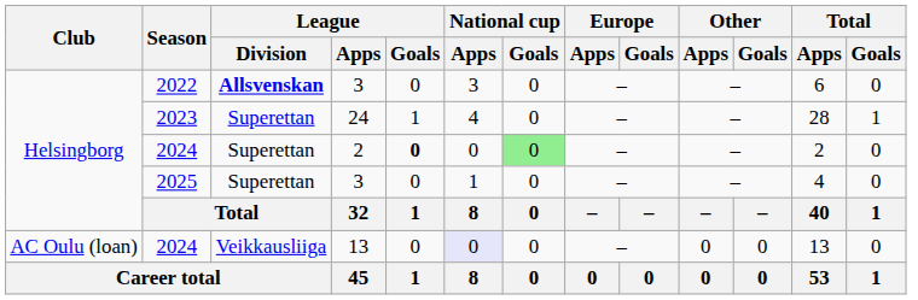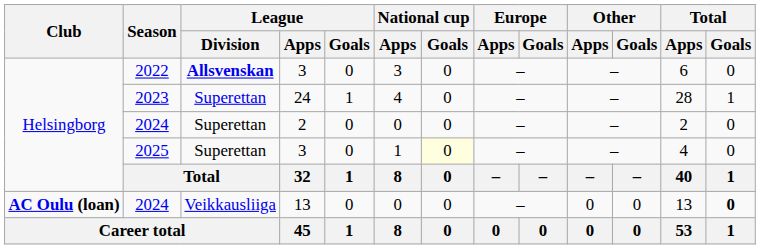 <table class="wikitable" style="text-align:center">
 <tr>
 <th rowspan="2">Club</th>
 <th rowspan="2">Season</th>
 <th colspan="3">League</th>
 <th colspan="2">National cup</th>
 <th colspan="2">Europe</th>
 <th colspan="2">Other</th>
 <th colspan="2">Total</th>
 </tr>
 <tr>
 <th>Division</th>
 <th>Apps</th>
 <th>Goals</th>
 <th>Apps</th>
 <th>Goals</th>
 <th>Apps</th>
 <th>Goals</th>
 <th>Apps</th>
 <th>Goals</th>
 <th>Apps</th>
 <th>Goals</th>
 </tr>
 <tr>
 <td rowspan="5"><a href='#'>Helsingborg</a></td>
 <td><a href='#'>2022</a></td>
 <td><strong><a href='#'>Allsvenskan</a></strong></td>
 <td>3</td>
 <td>0</td>
 <td>3</td>
 <td>0</td>
 <td colspan="2">–</td>
 <td colspan="2">–</td>
 <td>6</td>
 <td>0</td>
 </tr>
 <tr>
 <td><a href='#'>2023</a></td>
 <td><a href='#'>Superettan</a></td>
 <td>24</td>
 <td>1</td>
 <td>4</td>
 <td>0</td>
 <td colspan="2">–</td>
 <td colspan="2">–</td>
 <td>28</td>
 <td>1</td>
 </tr>
 <tr>
 <td><a href='#'>2024</a></td>
 <td>Superettan</td>
 <td>2</td>
-<td><strong>0</strong></td>
 <td>0</td>
-<td style="background: lightgreen;">0</td>
+<td>0</td>
+<td>0</td>
 <td colspan="2">–</td>
 <td colspan="2">–</td>
 <td>2</td>
 <td>0</td>
 </tr>
 <tr>
 <td><a href='#'>2025</a></td>
 <td>Superettan</td>
 <td>3</td>
 <td>0</td>
 <td>1</td>
-<td>0</td>
+<td style="background: lightyellow;">0</td>
 <td colspan="2">–</td>
 <td colspan="2">–</td>
 <td>4</td>
 <td>0</td>
 </tr>
 <tr>
 <th colspan="2">Total</th>
 <th>32</th>
 <th>1</th>
 <th>8</th>
 <th>0</th>
 <th>–</th>
 <th>–</th>
 <th>–</th>
 <th>–</th>
 <th>40</th>
 <th>1</th>
 </tr>
 <tr>
-<td><a href='#'>AC Oulu</a> (loan)</td>
+<td><strong><a href='#'>AC Oulu</a> (loan)</strong></td>
 <td><a href='#'>2024</a></td>
 <td><a href='#'>Veikkausliiga</a></td>
 <td>13</td>
 <td>0</td>
-<td style="background: lavender;">0</td>
+<td>0</td>
 <td>0</td>
 <td colspan=2>–</td>
 <td>0</td>
 <td>0</td>
 <td>13</td>
-<td>0</td>
+<td><strong>0</strong></td>
 </tr>
 <tr>
 <th colspan="3">Career total</th>
 <th>45</th>
 <th>1</th>
 <th>8</th>
 <th>0</th>
 <th>0</th>
 <th>0</th>
 <th>0</th>
 <th>0</th>
 <th>53</th>
 <th>1</th>
 </tr>
 </table>
